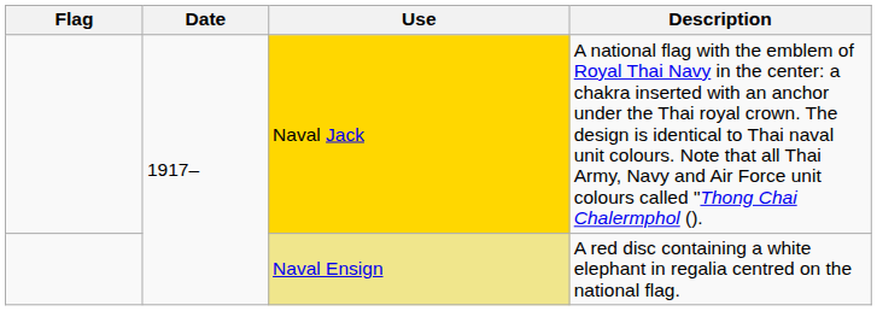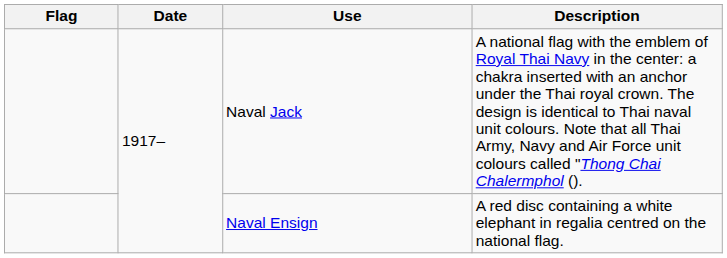 <table class="wikitable">
 <tr>
 <th width="110">Flag</th>
 <th width="100">Date</th>
 <th width="250">Use</th>
 <th width="250">Description</th>
 </tr>
 <tr>
 <td></td>
 <td rowspan="2">1917–</td>
-<td style="background: gold;">Naval <a href='#'>Jack</a></td>
+<td>Naval <a href='#'>Jack</a></td>
 <td>A national flag with the emblem of <a href='#'>Royal Thai Navy</a> in the center: a chakra inserted with an anchor under the Thai royal crown. The design is identical to Thai naval unit colours. Note that all Thai Army, Navy and Air Force unit colours called "<em><a href='#'>Thong Chai Chalermphol</a></em> ().</td>
 </tr>
 <tr>
 <td></td>
-<td style="background: khaki;"><a href='#'>Naval Ensign</a></td>
+<td><a href='#'>Naval Ensign</a></td>
 <td>A red disc containing a white elephant in regalia centred on the national flag.</td>
 </tr>
 </table>
